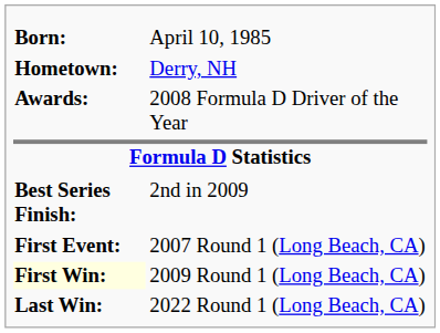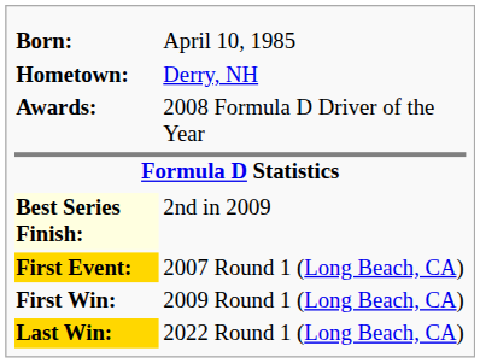 <table class="infobox" style="width:300px; font-size:90%;">
 <tr>
 <td></td>
 </tr>
 <tr style="vertical-align: top;">
 <td colspan="3" style="text-align:center;"></td>
 </tr>
 <tr style="vertical-align: top;">
 <td width=90><strong>Born:</strong></td>
 <td colspan=2>April 10, 1985</td>
 </tr>
 <tr style="vertical-align: top;">
 <td><strong>Hometown:</strong></td>
 <td colspan=2> <a href='#'>Derry, NH</a></td>
 </tr>
 <tr style="vertical-align: top;">
 <td><strong>Awards:</strong></td>
 <td colspan=2>2008 Formula D Driver of the Year</td>
 </tr>
 <tr>
 <td colspan="3"  style="text-align:center; border-top:3px solid gray;"><strong><a href='#'>Formula D</a> Statistics</strong></td>
 </tr>
 <tr style="vertical-align: top;">
 </tr>
 <tr style="vertical-align: top;">
-<td><strong>Best Series Finish:</strong></td>
+<td style="background: lightyellow;"><strong>Best Series Finish:</strong></td>
 <td colspan=2>2nd in 2009</td>
 </tr>
 <tr style="vertical-align: top;">
-<td><strong>First Event:</strong></td>
+<td style="background: gold;"><strong>First Event:</strong></td>
 <td colspan=2>2007 Round 1 (<a href='#'>Long Beach, CA</a>)</td>
 </tr>
 <tr style="vertical-align: top;">
-<td style="background: lightyellow;"><strong>First Win:</strong></td>
+<td><strong>First Win:</strong></td>
 <td colspan=2>2009 Round 1 (<a href='#'>Long Beach, CA</a>)</td>
 </tr>
 <tr style="vertical-align: top;">
-<td><strong>Last Win:</strong></td>
+<td style="background: gold;"><strong>Last Win:</strong></td>
 <td colspan=2>2022 Round 1 (<a href='#'>Long Beach, CA</a>)</td>
 </tr>
 </table>
